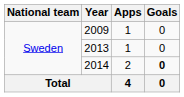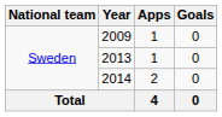 <table class="wikitable" style="text-align:center">
 <tr>
 <th>National team</th>
 <th>Year</th>
 <th>Apps</th>
 <th>Goals</th>
 </tr>
 <tr>
 <td rowspan="3"><a href='#'>Sweden</a></td>
 <td>2009</td>
 <td>1</td>
 <td>0</td>
 </tr>
 <tr>
 <td>2013</td>
 <td>1</td>
 <td>0</td>
 </tr>
 <tr>
 <td>2014</td>
 <td>2</td>
-<td><strong>0</strong></td>
+<td>0</td>
 </tr>
 <tr>
 <th colspan="2">Total</th>
 <th>4</th>
 <th>0</th>
 </tr>
 </table>
